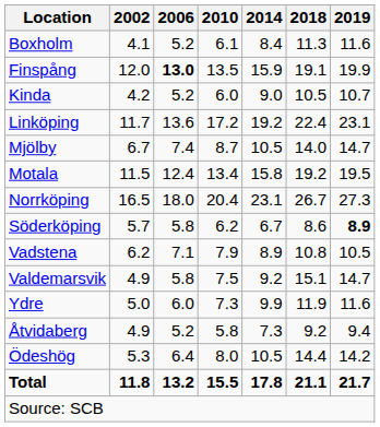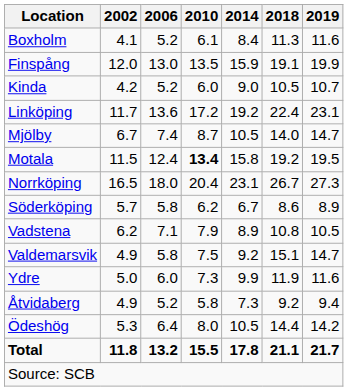 <table class="wikitable sortable" style=text-align:right>
 <tr>
 <th>Location</th>
 <th>2002</th>
 <th>2006</th>
 <th>2010</th>
 <th>2014</th>
 <th>2018</th>
 <th>2019</th>
 </tr>
 <tr>
 <td align=left><a href='#'>Boxholm</a></td>
 <td>4.1</td>
 <td>5.2</td>
 <td>6.1</td>
 <td>8.4</td>
 <td>11.3</td>
 <td>11.6</td>
 </tr>
 <tr>
 <td align=left><a href='#'>Finspång</a></td>
 <td>12.0</td>
-<td><strong>13.0</strong></td>
+<td>13.0</td>
 <td>13.5</td>
 <td>15.9</td>
 <td>19.1</td>
 <td>19.9</td>
 </tr>
 <tr>
 <td align=left><a href='#'>Kinda</a></td>
 <td>4.2</td>
 <td>5.2</td>
 <td>6.0</td>
 <td>9.0</td>
 <td>10.5</td>
 <td>10.7</td>
 </tr>
 <tr>
 <td align=left><a href='#'>Linköping</a></td>
 <td>11.7</td>
 <td>13.6</td>
 <td>17.2</td>
 <td>19.2</td>
 <td>22.4</td>
 <td>23.1</td>
 </tr>
 <tr>
 <td align=left><a href='#'>Mjölby</a></td>
 <td>6.7</td>
 <td>7.4</td>
 <td>8.7</td>
 <td>10.5</td>
 <td>14.0</td>
 <td>14.7</td>
 </tr>
 <tr>
 <td align=left><a href='#'>Motala</a></td>
 <td>11.5</td>
 <td>12.4</td>
-<td>13.4</td>
+<td><strong>13.4</strong></td>
 <td>15.8</td>
 <td>19.2</td>
 <td>19.5</td>
 </tr>
 <tr>
 <td align=left><a href='#'>Norrköping</a></td>
 <td>16.5</td>
 <td>18.0</td>
 <td>20.4</td>
 <td>23.1</td>
 <td>26.7</td>
 <td>27.3</td>
 </tr>
 <tr>
 <td align=left><a href='#'>Söderköping</a></td>
 <td>5.7</td>
 <td>5.8</td>
 <td>6.2</td>
 <td>6.7</td>
 <td>8.6</td>
-<td><strong>8.9</strong></td>
+<td>8.9</td>
 </tr>
 <tr>
 <td align=left><a href='#'>Vadstena</a></td>
 <td>6.2</td>
 <td>7.1</td>
 <td>7.9</td>
 <td>8.9</td>
 <td>10.8</td>
 <td>10.5</td>
 </tr>
 <tr>
 <td align=left><a href='#'>Valdemarsvik</a></td>
 <td>4.9</td>
 <td>5.8</td>
 <td>7.5</td>
 <td>9.2</td>
 <td>15.1</td>
 <td>14.7</td>
 </tr>
 <tr>
 <td align=left><a href='#'>Ydre</a></td>
 <td>5.0</td>
 <td>6.0</td>
 <td>7.3</td>
 <td>9.9</td>
 <td>11.9</td>
 <td>11.6</td>
 </tr>
 <tr>
 <td align=left><a href='#'>Åtvidaberg</a></td>
 <td>4.9</td>
 <td>5.2</td>
 <td>5.8</td>
 <td>7.3</td>
 <td>9.2</td>
 <td>9.4</td>
 </tr>
 <tr>
 <td align=left><a href='#'>Ödeshög</a></td>
 <td>5.3</td>
 <td>6.4</td>
 <td>8.0</td>
 <td>10.5</td>
 <td>14.4</td>
 <td>14.2</td>
 </tr>
 <tr>
 <td align=left><strong>Total</strong></td>
 <td><strong>11.8</strong></td>
 <td><strong>13.2</strong></td>
 <td><strong>15.5</strong></td>
 <td><strong>17.8</strong></td>
 <td><strong>21.1</strong></td>
 <td><strong>21.7</strong></td>
 </tr>
 <tr>
 <td align=left colspan=7>Source: SCB </td>
 </tr>
 </table>
